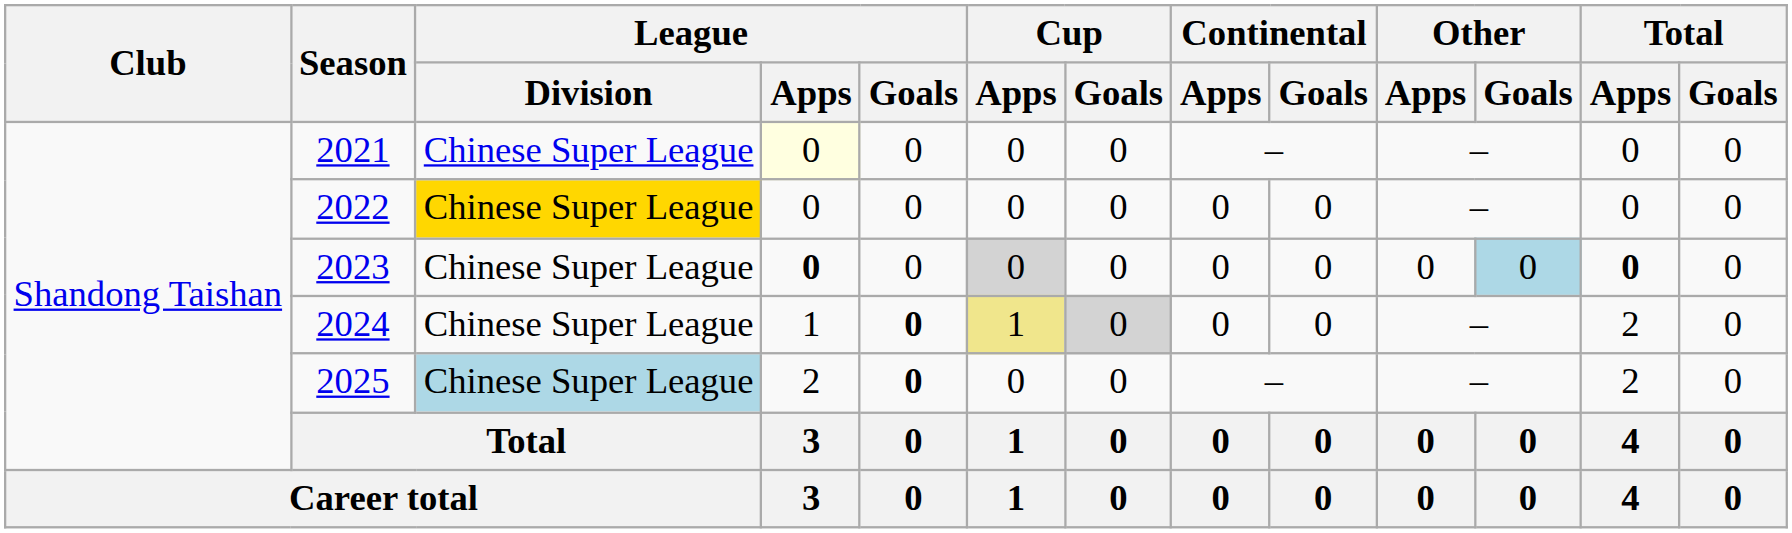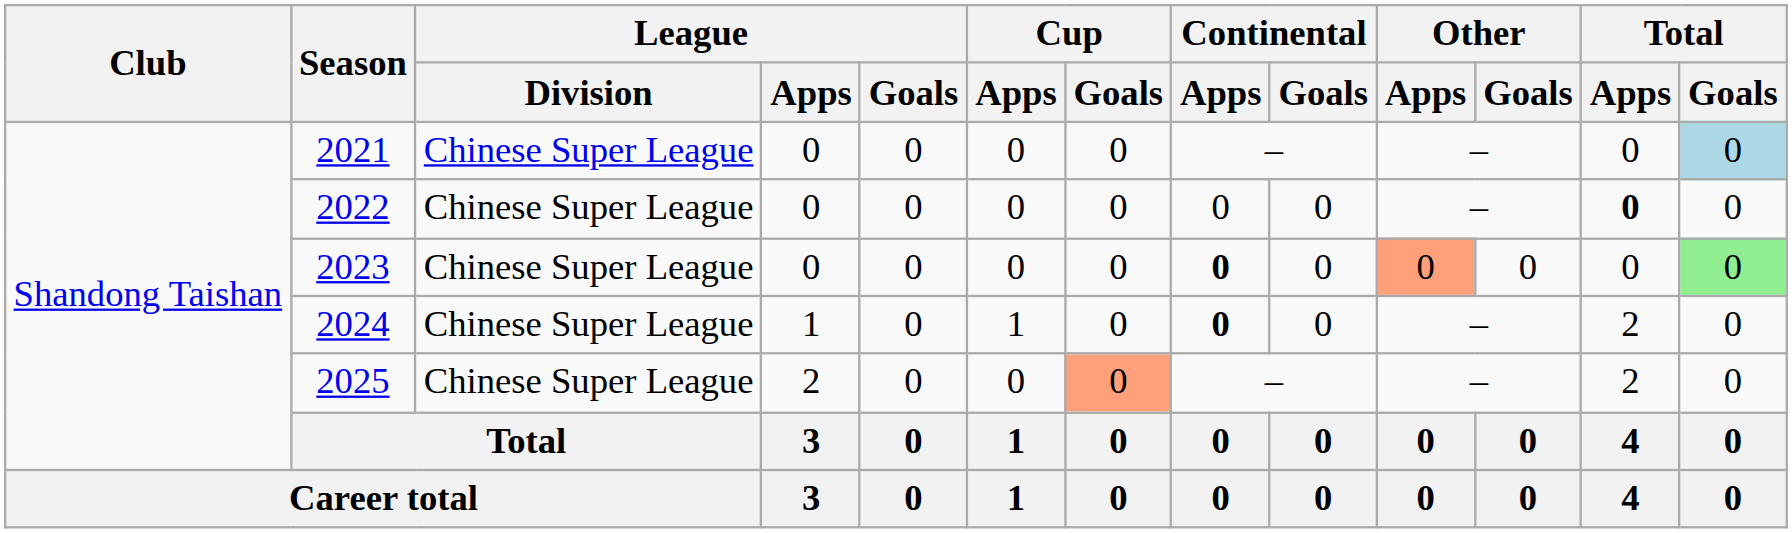 <table class="wikitable" style="text-align: center">
 <tr>
 <th rowspan="2">Club</th>
 <th rowspan="2">Season</th>
 <th colspan="3">League</th>
 <th colspan="2">Cup</th>
 <th colspan="2">Continental</th>
 <th colspan="2">Other</th>
 <th colspan="2">Total</th>
 </tr>
 <tr>
 <th>Division</th>
 <th>Apps</th>
 <th>Goals</th>
 <th>Apps</th>
 <th>Goals</th>
 <th>Apps</th>
 <th>Goals</th>
 <th>Apps</th>
 <th>Goals</th>
 <th>Apps</th>
 <th>Goals</th>
 </tr>
 <tr>
 <td rowspan="6"><a href='#'>Shandong Taishan</a></td>
 <td><a href='#'>2021</a></td>
 <td><a href='#'>Chinese Super League</a></td>
-<td style="background: lightyellow;">0</td>
+<td>0</td>
 <td>0</td>
 <td>0</td>
 <td>0</td>
 <td colspan="2">–</td>
 <td colspan="2">–</td>
 <td>0</td>
-<td>0</td>
+<td style="background: lightblue;">0</td>
 </tr>
 <tr>
 <td><a href='#'>2022</a></td>
-<td style="background: gold;">Chinese Super League</td>
+<td>Chinese Super League</td>
 <td>0</td>
 <td>0</td>
 <td>0</td>
 <td>0</td>
 <td>0</td>
 <td>0</td>
 <td colspan="2">–</td>
-<td>0</td>
+<td><strong>0</strong></td>
 <td>0</td>
 </tr>
 <tr>
 <td><a href='#'>2023</a></td>
 <td>Chinese Super League</td>
-<td><strong>0</strong></td>
-<td>0</td>
-<td style="background: lightgrey;">0</td>
 <td>0</td>
 <td>0</td>
 <td>0</td>
 <td>0</td>
-<td style="background: lightblue;">0</td>
 <td><strong>0</strong></td>
 <td>0</td>
+<td style="background: lightsalmon;">0</td>
+<td>0</td>
+<td>0</td>
+<td style="background: lightgreen;">0</td>
 </tr>
 <tr>
 <td><a href='#'>2024</a></td>
 <td>Chinese Super League</td>
 <td>1</td>
+<td>0</td>
+<td>1</td>
+<td>0</td>
 <td><strong>0</strong></td>
-<td style="background: khaki;">1</td>
-<td style="background: lightgrey;">0</td>
-<td>0</td>
 <td>0</td>
 <td colspan="2">–</td>
 <td>2</td>
 <td>0</td>
 </tr>
 <tr>
 <td><a href='#'>2025</a></td>
-<td style="background: lightblue;">Chinese Super League</td>
+<td>Chinese Super League</td>
 <td>2</td>
-<td><strong>0</strong></td>
 <td>0</td>
 <td>0</td>
+<td style="background: lightsalmon;">0</td>
 <td colspan="2">–</td>
 <td colspan="2">–</td>
 <td>2</td>
 <td>0</td>
 </tr>
 <tr>
 <th colspan=2>Total</th>
 <th>3</th>
 <th>0</th>
 <th>1</th>
 <th>0</th>
 <th>0</th>
 <th>0</th>
 <th>0</th>
 <th>0</th>
 <th>4</th>
 <th>0</th>
 </tr>
 <tr>
 <th colspan=3>Career total</th>
 <th>3</th>
 <th>0</th>
 <th>1</th>
 <th>0</th>
 <th>0</th>
 <th>0</th>
 <th>0</th>
 <th>0</th>
 <th>4</th>
 <th>0</th>
 </tr>
 </table>
